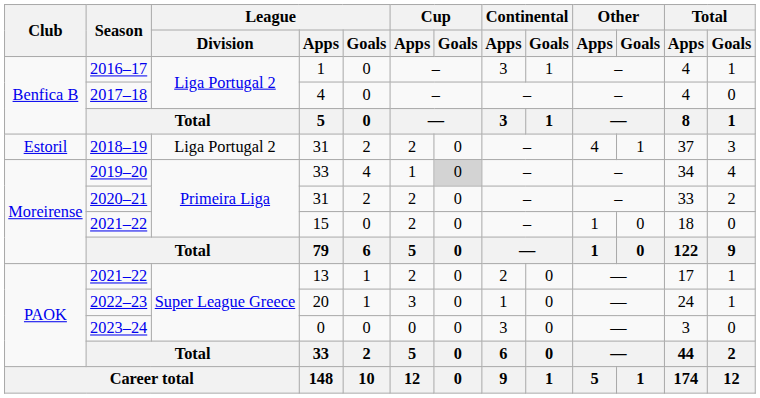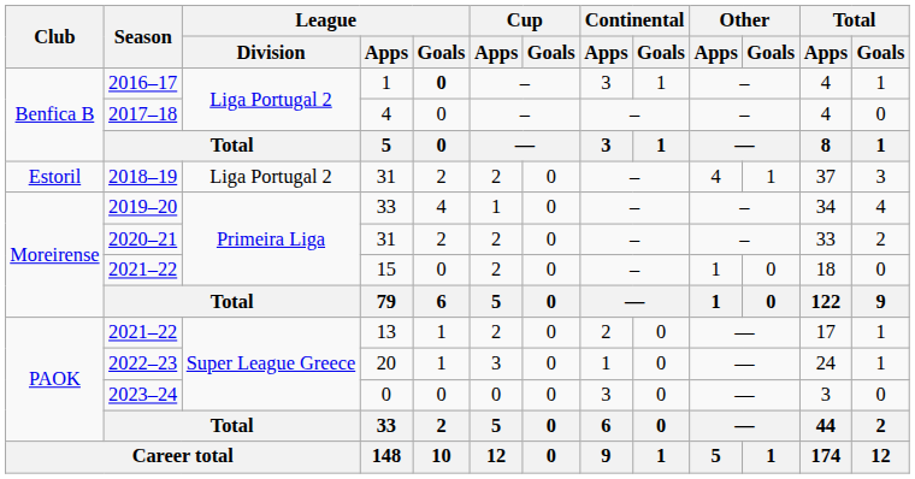 <table class="wikitable" style="text-align:center">
 <tr>
 <th rowspan=2>Club</th>
 <th rowspan=2>Season</th>
 <th colspan=3>League</th>
 <th colspan=2>Cup</th>
 <th colspan=2>Continental</th>
 <th colspan=2>Other</th>
 <th colspan=2>Total</th>
 </tr>
 <tr>
 <th>Division</th>
 <th>Apps</th>
 <th>Goals</th>
 <th>Apps</th>
 <th>Goals</th>
 <th>Apps</th>
 <th>Goals</th>
 <th>Apps</th>
 <th>Goals</th>
 <th>Apps</th>
 <th>Goals</th>
 </tr>
 <tr>
 <td rowspan="3"><a href='#'>Benfica B</a></td>
 <td><a href='#'>2016–17</a></td>
 <td rowspan="2"><a href='#'>Liga Portugal 2</a></td>
 <td>1</td>
-<td>0</td>
+<td><strong>0</strong></td>
 <td colspan="2">–</td>
 <td>3</td>
 <td>1</td>
 <td colspan="2">–</td>
 <td>4</td>
 <td>1</td>
 </tr>
 <tr>
 <td><a href='#'>2017–18</a></td>
 <td>4</td>
 <td>0</td>
 <td colspan="2">–</td>
 <td colspan="2">–</td>
 <td colspan="2">–</td>
 <td>4</td>
 <td>0</td>
 </tr>
 <tr>
 <th colspan="2">Total</th>
 <th>5</th>
 <th>0</th>
 <th colspan="2">—</th>
 <th>3</th>
 <th>1</th>
 <th colspan="2">—</th>
 <th>8</th>
 <th>1</th>
 </tr>
 <tr>
 <td rowspan="1"><a href='#'>Estoril</a></td>
 <td><a href='#'>2018–19</a></td>
 <td rowspan="1">Liga Portugal 2</td>
 <td>31</td>
 <td>2</td>
 <td>2</td>
 <td>0</td>
 <td colspan="2">–</td>
 <td>4</td>
 <td>1</td>
 <td>37</td>
 <td>3</td>
 </tr>
 <tr>
 <td rowspan="4"><a href='#'>Moreirense</a></td>
 <td><a href='#'>2019–20</a></td>
 <td rowspan="3"><a href='#'>Primeira Liga</a></td>
 <td>33</td>
 <td>4</td>
 <td>1</td>
-<td style="background: lightgrey;">0</td>
+<td>0</td>
 <td colspan="2">–</td>
 <td colspan="2">–</td>
 <td>34</td>
 <td>4</td>
 </tr>
 <tr>
 <td><a href='#'>2020–21</a></td>
 <td>31</td>
 <td>2</td>
 <td>2</td>
 <td>0</td>
 <td colspan="2">–</td>
 <td colspan="2">–</td>
 <td>33</td>
 <td>2</td>
 </tr>
 <tr>
 <td><a href='#'>2021–22</a></td>
 <td>15</td>
 <td>0</td>
 <td>2</td>
 <td>0</td>
 <td colspan="2">–</td>
 <td>1</td>
 <td>0</td>
 <td>18</td>
 <td>0</td>
 </tr>
 <tr>
 <th colspan="2">Total</th>
 <th>79</th>
 <th>6</th>
 <th>5</th>
 <th>0</th>
 <th colspan="2">—</th>
 <th>1</th>
 <th>0</th>
 <th>122</th>
 <th>9</th>
 </tr>
 <tr>
 <td rowspan="4"><a href='#'>PAOK</a></td>
 <td><a href='#'>2021–22</a></td>
 <td rowspan="3"><a href='#'>Super League Greece</a></td>
 <td>13</td>
 <td>1</td>
 <td>2</td>
 <td>0</td>
 <td>2</td>
 <td>0</td>
 <td colspan="2">—</td>
 <td>17</td>
 <td>1</td>
 </tr>
 <tr>
 <td><a href='#'>2022–23</a></td>
 <td>20</td>
 <td>1</td>
 <td>3</td>
 <td>0</td>
 <td>1</td>
 <td>0</td>
 <td colspan="2">—</td>
 <td>24</td>
 <td>1</td>
 </tr>
 <tr>
 <td><a href='#'>2023–24</a></td>
 <td>0</td>
 <td>0</td>
 <td>0</td>
 <td>0</td>
 <td>3</td>
 <td>0</td>
 <td colspan="2">—</td>
 <td>3</td>
 <td>0</td>
 </tr>
 <tr>
 <th colspan="2">Total</th>
 <th>33</th>
 <th>2</th>
 <th>5</th>
 <th>0</th>
 <th>6</th>
 <th>0</th>
 <th colspan="2">—</th>
 <th>44</th>
 <th>2</th>
 </tr>
 <tr>
 <th colspan=3>Career total</th>
 <th>148</th>
 <th>10</th>
 <th>12</th>
 <th>0</th>
 <th>9</th>
 <th>1</th>
 <th>5</th>
 <th>1</th>
 <th>174</th>
 <th>12</th>
 </tr>
 </table>
